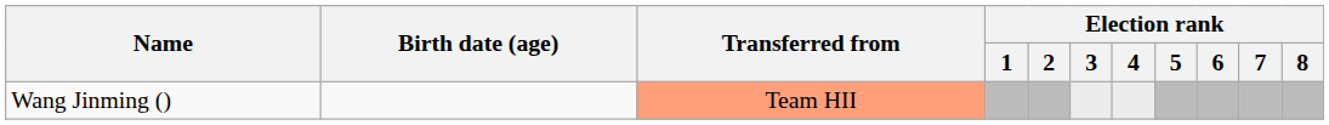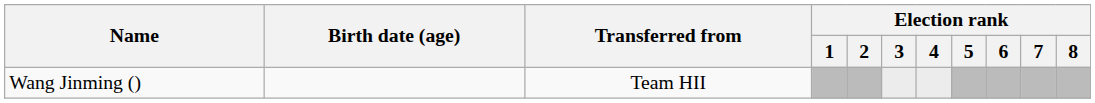 <table class="wikitable sortable"  style="text-align:center; width:100%;">
 <tr>
 <th rowspan="2">Name</th>
 <th rowspan="2">Birth date (age)</th>
 <th rowspan="2">Transferred from</th>
 <th colspan="8" class="unsortable">Election rank</th>
 </tr>
 <tr>
 <th data-sort-type="number">1</th>
 <th data-sort-type="number">2</th>
 <th data-sort-type="number">3</th>
 <th data-sort-type="number">4</th>
 <th data-sort-type="number">5</th>
 <th data-sort-type="number">6</th>
 <th data-sort-type="number">7</th>
 <th data-sort-type="number">8</th>
 </tr>
 <tr>
 <td style="text-align:left;" data-sort-value="Wang, Jinming">Wang Jinming ()</td>
 <td style="text-align:left;"></td>
-<td style="background: lightsalmon;">Team HII</td>
+<td>Team HII</td>
 <td style="background:#bbb;"> </td>
 <td style="background:#bbb;"> </td>
 <td style="background:#ececec; color:gray;"></td>
 <td style="background:#ececec; color:gray;"></td>
 <td style="background:#bbb;"> </td>
 <td style="background:#bbb;"> </td>
 <td style="background:#bbb;"> </td>
 <td style="background:#bbb;"> </td>
 </tr>
 </table>
